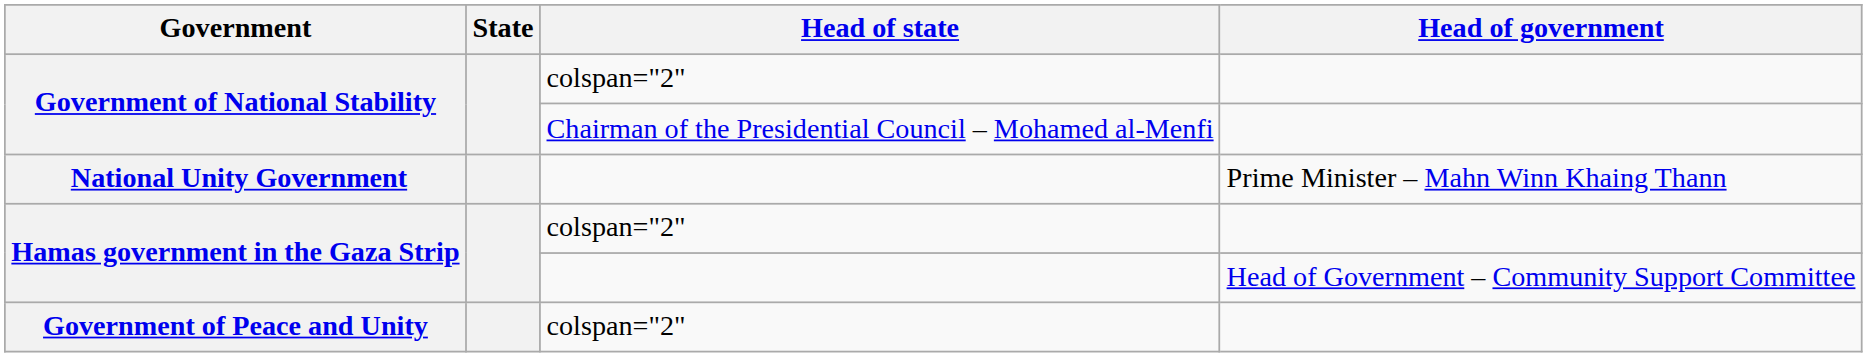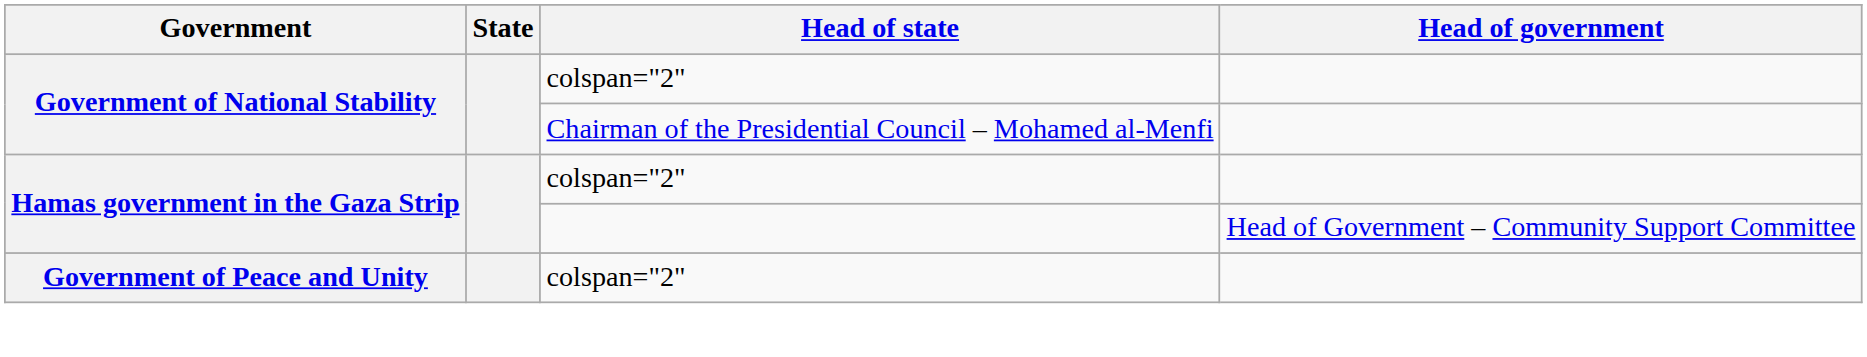 <table class="wikitable plainrowheaders" style="line-height:1.3em; max-width:1200px">
 <tr>
 <th>Government</th>
 <th>State</th>
 <th><a href='#'>Head of state</a></th>
 <th><a href='#'>Head of government</a></th>
 </tr>
 <tr>
 <th scope="row" rowspan="2"> <a href='#'>Government of National Stability</a></th>
 <th scope="row" rowspan="2"></th>
 <td>colspan="2" </td>
 </tr>
 <tr>
 <td><a href='#'>Chairman of the Presidential Council</a> – <a href='#'>Mohamed al-Menfi</a></td>
 <td></td>
 </tr>
 <tr>
-<th scope="row"> <a href='#'>National Unity Government</a></th>
-<th scope="row"></th>
-<td></td>
-<td>Prime Minister – <a href='#'>Mahn Winn Khaing Thann</a></td>
-</tr>
-<tr>
 <th scope="row" rowspan="2"> <a href='#'>Hamas government in the Gaza Strip</a></th>
 <th scope="row" rowspan="2"></th>
 <td>colspan="2" </td>
 </tr>
 <tr>
 <td></td>
 <td><a href='#'>Head of Government</a> – <a href='#'>Community Support Committee</a></td>
 </tr>
 <tr>
 <th scope="row"> <a href='#'>Government of Peace and Unity</a></th>
 <th scope="row"></th>
 <td>colspan="2"</td>
 </tr>
 </table>
